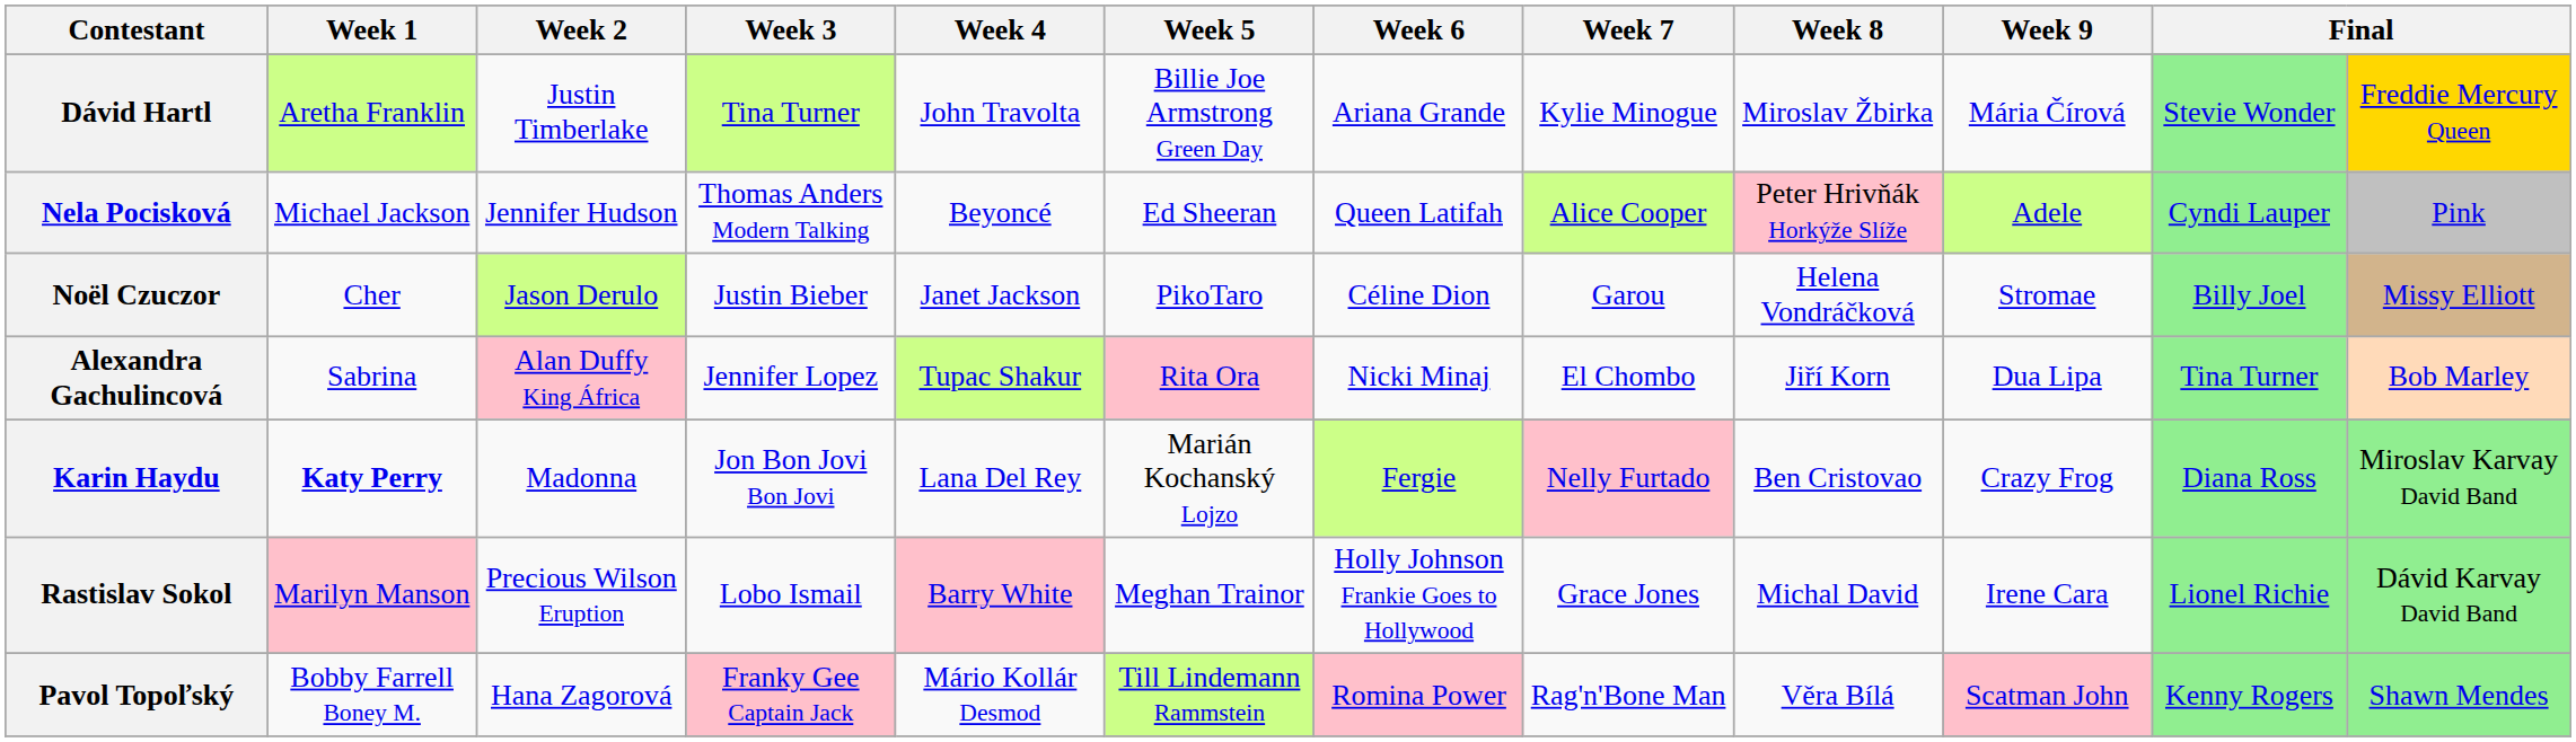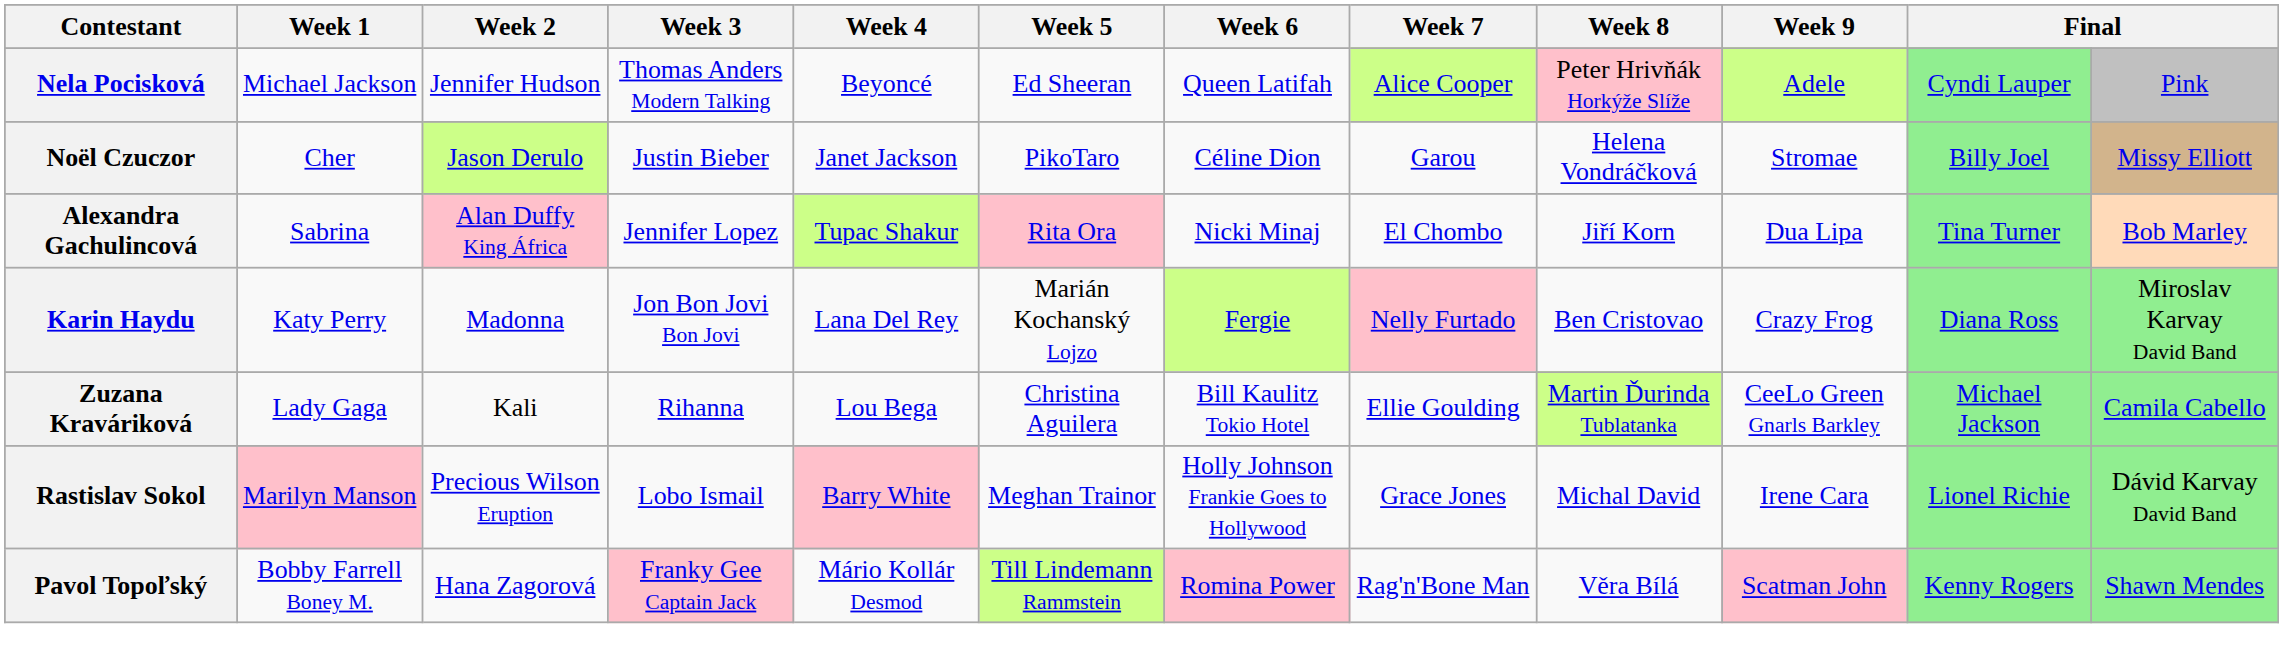 <table class="wikitable" style="font-size:90%; text-align:center; margin-left: auto; margin-right: auto">
 <tr>
 <th style="width: 10%;">Contestant</th>
 <th style="width: 8%;">Week 1</th>
 <th style="width: 8%;">Week 2</th>
 <th style="width: 8%;">Week 3</th>
 <th style="width: 8%;">Week 4</th>
 <th style="width: 8%;">Week 5</th>
 <th style="width: 8%;">Week 6</th>
 <th style="width: 8%;">Week 7</th>
 <th style="width: 8%;">Week 8</th>
 <th style="width: 8%;">Week 9</th>
 <th colspan="2" style="width: 16%;">Final</th>
-</tr>
-<tr>
-<th>Dávid Hartl</th>
-<td style="background:#ccff88"><a href='#'>Aretha Franklin</a></td>
-<td><a href='#'>Justin Timberlake</a></td>
-<td style="background:#ccff88"><a href='#'>Tina Turner</a></td>
-<td><a href='#'>John Travolta</a></td>
-<td><a href='#'>Billie Joe Armstrong</a> <br><small><a href='#'>Green Day</a></small></td>
-<td><a href='#'>Ariana Grande</a></td>
-<td><a href='#'>Kylie Minogue</a></td>
-<td><a href='#'>Miroslav Žbirka</a></td>
-<td><a href='#'>Mária Čírová</a></td>
-<td style="background:lightgreen"><a href='#'>Stevie Wonder</a></td>
-<td style="background:gold"><a href='#'>Freddie Mercury</a> <br><small><a href='#'>Queen</a></small></td>
 </tr>
 <tr>
 <th><a href='#'>Nela Pocisková</a></th>
 <td><a href='#'>Michael Jackson</a></td>
 <td><a href='#'>Jennifer Hudson</a></td>
 <td><a href='#'>Thomas Anders</a> <br><small><a href='#'>Modern Talking</a></small></td>
 <td><a href='#'>Beyoncé</a></td>
 <td><a href='#'>Ed Sheeran</a></td>
 <td><a href='#'>Queen Latifah</a></td>
 <td style="background:#ccff88"><a href='#'>Alice Cooper</a></td>
 <td style="background:pink">Peter Hrivňák <br><small><a href='#'>Horkýže Slíže</a></small></td>
 <td style="background:#ccff88"><a href='#'>Adele</a></td>
 <td style="background:lightgreen"><a href='#'>Cyndi Lauper</a></td>
 <td style="background:silver"><a href='#'>Pink</a></td>
 </tr>
 <tr>
 <th>Noël Czuczor</th>
 <td><a href='#'>Cher</a></td>
 <td style="background:#ccff88"><a href='#'>Jason Derulo</a></td>
 <td><a href='#'>Justin Bieber</a></td>
 <td><a href='#'>Janet Jackson</a></td>
 <td><a href='#'>PikoTaro</a></td>
 <td><a href='#'>Céline Dion</a></td>
 <td><a href='#'>Garou</a></td>
 <td><a href='#'>Helena Vondráčková</a></td>
 <td><a href='#'>Stromae</a></td>
 <td style="background:lightgreen"><a href='#'>Billy Joel</a></td>
 <td style="background:tan"><a href='#'>Missy Elliott</a></td>
 </tr>
 <tr>
 <th>Alexandra Gachulincová</th>
 <td><a href='#'>Sabrina</a></td>
 <td style="background:pink"><a href='#'>Alan Duffy</a> <br><small><a href='#'>King África</a></small></td>
 <td><a href='#'>Jennifer Lopez</a></td>
 <td style="background:#ccff88"><a href='#'>Tupac Shakur</a></td>
 <td style="background:pink"><a href='#'>Rita Ora</a></td>
 <td><a href='#'>Nicki Minaj</a></td>
 <td><a href='#'>El Chombo</a></td>
 <td><a href='#'>Jiří Korn</a></td>
 <td><a href='#'>Dua Lipa</a></td>
 <td style="background:lightgreen"><a href='#'>Tina Turner</a></td>
 <td style="background:peachpuff"><a href='#'>Bob Marley</a></td>
 </tr>
 <tr>
 <th><a href='#'>Karin Haydu</a></th>
-<td><strong><a href='#'>Katy Perry</a></strong></td>
+<td><a href='#'>Katy Perry</a></td>
 <td><a href='#'>Madonna</a></td>
 <td><a href='#'>Jon Bon Jovi</a> <br><small><a href='#'>Bon Jovi</a></small></td>
 <td><a href='#'>Lana Del Rey</a></td>
 <td>Marián Kochanský<br><small><a href='#'>Lojzo</a></small></td>
 <td style="background:#ccff88"><a href='#'>Fergie</a></td>
 <td style="background:pink"><a href='#'>Nelly Furtado</a></td>
 <td><a href='#'>Ben Cristovao</a></td>
 <td><a href='#'>Crazy Frog</a></td>
 <td style="background:lightgreen"><a href='#'>Diana Ross</a></td>
 <td style="background:lightgreen">Miroslav Karvay <br><small>David Band</small></td>
+</tr>
+<tr>
+<th>Zuzana Kraváriková</th>
+<td><a href='#'>Lady Gaga</a></td>
+<td>Kali</td>
+<td><a href='#'>Rihanna</a></td>
+<td><a href='#'>Lou Bega</a></td>
+<td><a href='#'>Christina Aguilera</a></td>
+<td><a href='#'>Bill Kaulitz</a><br><small><a href='#'>Tokio Hotel</a></small></td>
+<td><a href='#'>Ellie Goulding</a></td>
+<td style="background:#ccff88"><a href='#'>Martin Ďurinda</a><br><small><a href='#'>Tublatanka</a></small></td>
+<td><a href='#'>CeeLo Green</a><br><small><a href='#'>Gnarls Barkley</a></small></td>
+<td style="background:lightgreen"><a href='#'>Michael Jackson</a></td>
+<td style="background:lightgreen"><a href='#'>Camila Cabello</a></td>
 </tr>
 <tr>
 <th>Rastislav Sokol</th>
 <td style="background:pink"><a href='#'>Marilyn Manson</a></td>
 <td><a href='#'>Precious Wilson</a> <br><small><a href='#'>Eruption</a></small></td>
 <td><a href='#'>Lobo Ismail</a></td>
 <td style="background:pink"><a href='#'>Barry White</a></td>
 <td><a href='#'>Meghan Trainor</a></td>
 <td><a href='#'>Holly Johnson</a><br><small><a href='#'>Frankie Goes to Hollywood</a></small></td>
 <td><a href='#'>Grace Jones</a></td>
 <td><a href='#'>Michal David</a></td>
 <td><a href='#'>Irene Cara</a></td>
 <td style="background:lightgreen"><a href='#'>Lionel Richie</a></td>
 <td style="background:lightgreen">Dávid Karvay <br><small>David Band</small></td>
 </tr>
 <tr>
 <th>Pavol Topoľský</th>
 <td><a href='#'>Bobby Farrell</a> <br><small><a href='#'>Boney M.</a></small></td>
 <td><a href='#'>Hana Zagorová</a></td>
 <td style="background:pink"><a href='#'>Franky Gee</a> <br><small><a href='#'>Captain Jack</a></small></td>
 <td><a href='#'>Mário Kollár</a> <br><small><a href='#'>Desmod</a></small></td>
 <td style="background:#ccff88"><a href='#'>Till Lindemann</a> <br><small><a href='#'>Rammstein</a></small></td>
 <td style="background:pink"><a href='#'>Romina Power</a></td>
 <td><a href='#'>Rag'n'Bone Man</a></td>
 <td><a href='#'>Věra Bílá</a></td>
 <td style="background:pink"><a href='#'>Scatman John</a></td>
 <td style="background:lightgreen"><a href='#'>Kenny Rogers</a></td>
 <td style="background:lightgreen"><a href='#'>Shawn Mendes</a></td>
 </tr>
 </table>
